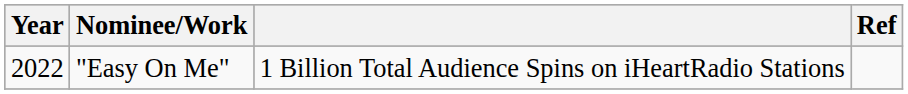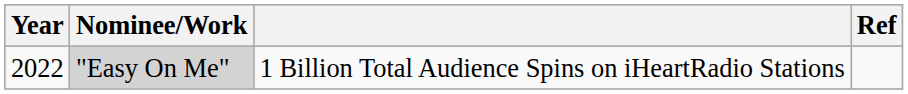 <table class="wikitable">
 <tr>
 <th>Year</th>
 <th>Nominee/Work</th>
 <th></th>
 <th>Ref</th>
 </tr>
 <tr>
 <td>2022</td>
-<td>"Easy On Me"</td>
+<td style="background: lightgrey;">"Easy On Me"</td>
 <td>1 Billion Total Audience Spins on iHeartRadio Stations</td>
 <td></td>
 </tr>
 </table>
